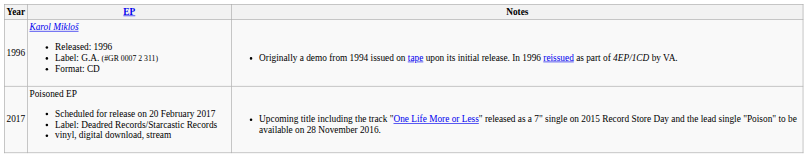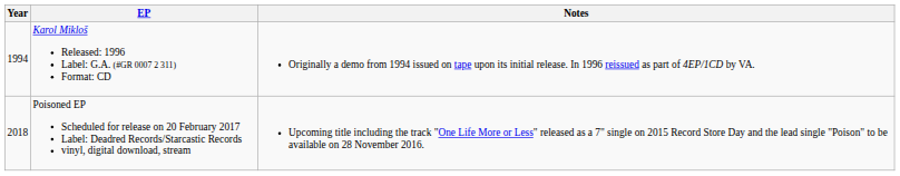 <table class="wikitable" style="font-size:91%">
 <tr>
 <th width=28>Year</th>
 <th width=312><a href='#'>EP</a></th>
 <th>Notes</th>
 </tr>
 <tr>
-<td>1996</td>
+<td>1994</td>
 <td><em><a href='#'>Karol Mikloš</a></em><br><ul><li>Released: 1996</li><li>Label: G.A. <small>(#GR 0007 2 311)</small></li><li>Format: CD</li></ul></td>
 <td><br><ul><li>Originally a demo from 1994 issued on <a href='#'>tape</a> upon its initial release. In 1996 <a href='#'>reissued</a> as part of <em>4EP/1CD</em> by VA.</li></ul></td>
 </tr>
 <tr>
-<td>2017</td>
+<td>2018</td>
 <td>Poisoned EP<br><ul><li>Scheduled for release on 20 February 2017</li><li>Label: Deadred Records/Starcastic Records</li><li> vinyl, digital download, stream</li></ul></td>
 <td><br><ul><li>Upcoming title including the track "<a href='#'>One Life More or Less</a>" released as a 7" single on 2015 Record Store Day and the lead single "Poison" to be available on 28 November 2016.</li></ul></td>
 </tr>
 </table>
